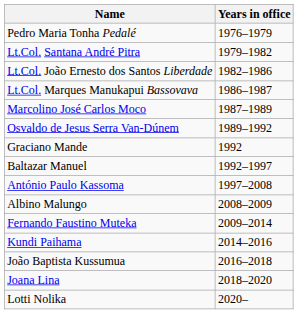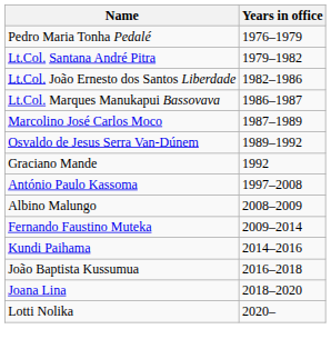 <table class="wikitable sortable">
 <tr>
 <th>Name</th>
 <th>Years in office</th>
 </tr>
 <tr>
 <td>Pedro Maria Tonha <em>Pedalé</em></td>
 <td data-sort-value="04">1976–1979</td>
 </tr>
 <tr>
 <td><a href='#'>Lt.Col.</a> <a href='#'>Santana André Pitra</a></td>
 <td data-sort-value="04">1979–1982</td>
 </tr>
 <tr>
 <td><a href='#'>Lt.Col.</a> João Ernesto dos Santos <em>Liberdade</em></td>
 <td data-sort-value="05">1982–1986</td>
 </tr>
 <tr>
 <td><a href='#'>Lt.Col.</a> Marques Manukapui <em>Bassovava</em></td>
 <td data-sort-value="02">1986–1987</td>
 </tr>
 <tr>
 <td><a href='#'>Marcolino José Carlos Moco</a></td>
 <td data-sort-value="03">1987–1989</td>
 </tr>
 <tr>
 <td><a href='#'>Osvaldo de Jesus Serra Van-Dúnem</a></td>
 <td data-sort-value="04">1989–1992</td>
 </tr>
 <tr>
 <td>Graciano Mande</td>
 <td data-sort-value="01">1992</td>
 </tr>
 <tr>
-<td>Baltazar Manuel</td>
-<td data-sort-value="06">1992–1997</td>
-</tr>
-<tr>
 <td><a href='#'>António Paulo Kassoma</a></td>
 <td data-sort-value="12">1997–2008</td>
 </tr>
 <tr>
 <td>Albino Malungo</td>
 <td data-sort-value="02">2008–2009</td>
 </tr>
 <tr>
 <td><a href='#'>Fernando Faustino Muteka</a></td>
 <td data-sort-value="06">2009–2014</td>
 </tr>
 <tr>
 <td><a href='#'>Kundi Paihama</a></td>
 <td data-sort-value="03">2014–2016</td>
 </tr>
 <tr>
 <td>João Baptista Kussumua</td>
 <td data-sort-value="03">2016–2018</td>
 </tr>
 <tr>
 <td><a href='#'>Joana Lina</a></td>
 <td data-sort-value="02">2018–2020</td>
 </tr>
 <tr>
 <td>Lotti Nolika</td>
 <td>2020–</td>
 </tr>
 </table>
